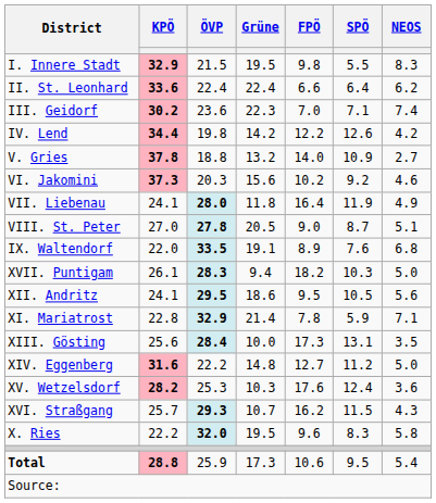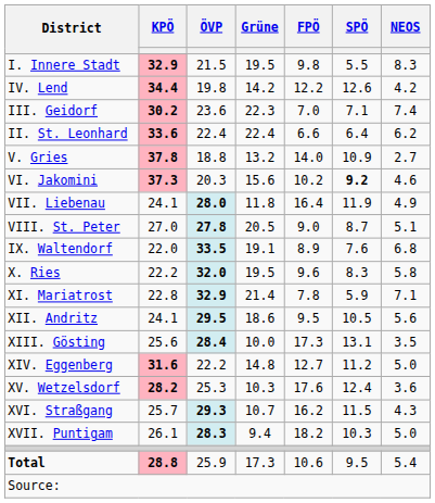 <table class="wikitable sortable" style="text-align:center;font-size:90%;line-height:16px">
 <tr style="height:40px;">
 <th style="width:120px;" rowspan="2">District</th>
 <th style="width:40px;"><a href='#'>KPÖ</a></th>
 <th style="width:40px;"><a href='#'>ÖVP</a></th>
 <th style="width:40px;"><a href='#'>Grüne</a></th>
 <th style="width:40px;"><a href='#'>FPÖ</a></th>
 <th style="width:40px;"><a href='#'>SPÖ</a></th>
 <th style="width:40px;"><a href='#'>NEOS</a></th>
 </tr>
 <tr>
 <th style="background:"></th>
 <th style="background:"></th>
 <th style="background:"></th>
 <th style="background:"></th>
 <th style="background:"></th>
 <th style="background:"></th>
 </tr>
 <tr>
 <td data-sort-value="1" align=left>I. <a href='#'>Innere Stadt</a></td>
 <td bgcolor=#FFB3C0><strong>32.9</strong></td>
 <td>21.5</td>
 <td>19.5</td>
 <td>9.8</td>
 <td>5.5</td>
 <td>8.3</td>
 </tr>
 <tr>
-<td data-sort-value="2" align=left>II. <a href='#'>St. Leonhard</a></td>
-<td bgcolor=#FFB3C0><strong>33.6</strong></td>
-<td>22.4</td>
-<td>22.4</td>
-<td>6.6</td>
-<td>6.4</td>
-<td>6.2</td>
+<td data-sort-value="4" align=left>IV. <a href='#'>Lend</a></td>
+<td bgcolor=#FFB3C0><strong>34.4</strong></td>
+<td>19.8</td>
+<td>14.2</td>
+<td>12.2</td>
+<td>12.6</td>
+<td>4.2</td>
 </tr>
 <tr>
 <td data-sort-value="3" align=left>III. <a href='#'>Geidorf</a></td>
 <td bgcolor=#FFB3C0><strong>30.2</strong></td>
 <td>23.6</td>
 <td>22.3</td>
 <td>7.0</td>
 <td>7.1</td>
 <td>7.4</td>
 </tr>
 <tr>
-<td data-sort-value="4" align=left>IV. <a href='#'>Lend</a></td>
-<td bgcolor=#FFB3C0><strong>34.4</strong></td>
-<td>19.8</td>
-<td>14.2</td>
-<td>12.2</td>
-<td>12.6</td>
-<td>4.2</td>
+<td data-sort-value="2" align=left>II. <a href='#'>St. Leonhard</a></td>
+<td bgcolor=#FFB3C0><strong>33.6</strong></td>
+<td>22.4</td>
+<td>22.4</td>
+<td>6.6</td>
+<td>6.4</td>
+<td>6.2</td>
 </tr>
 <tr>
 <td data-sort-value="5" align=left>V. <a href='#'>Gries</a></td>
 <td bgcolor=#FFB3C0><strong>37.8</strong></td>
 <td>18.8</td>
 <td>13.2</td>
 <td>14.0</td>
 <td>10.9</td>
 <td>2.7</td>
 </tr>
 <tr>
 <td data-sort-value="6" align=left>VI. <a href='#'>Jakomini</a></td>
 <td bgcolor=#FFB3C0><strong>37.3</strong></td>
 <td>20.3</td>
 <td>15.6</td>
 <td>10.2</td>
-<td>9.2</td>
+<td><strong>9.2</strong></td>
 <td>4.6</td>
 </tr>
 <tr>
 <td data-sort-value="7" align=left>VII. <a href='#'>Liebenau</a></td>
 <td>24.1</td>
 <td bgcolor=#D2EDF1><strong>28.0</strong></td>
 <td>11.8</td>
 <td>16.4</td>
 <td>11.9</td>
 <td>4.9</td>
 </tr>
 <tr>
 <td data-sort-value="8" align=left>VIII. <a href='#'>St. Peter</a></td>
 <td>27.0</td>
 <td bgcolor=#D2EDF1><strong>27.8</strong></td>
 <td>20.5</td>
 <td>9.0</td>
 <td>8.7</td>
 <td>5.1</td>
 </tr>
 <tr>
 <td data-sort-value="9" align=left>IX. <a href='#'>Waltendorf</a></td>
 <td>22.0</td>
 <td bgcolor=#D2EDF1><strong>33.5</strong></td>
 <td>19.1</td>
 <td>8.9</td>
 <td>7.6</td>
 <td>6.8</td>
 </tr>
 <tr>
-<td data-sort-value="17" align=left>XVII. <a href='#'>Puntigam</a></td>
-<td>26.1</td>
-<td bgcolor=#D2EDF1><strong>28.3</strong></td>
-<td>9.4</td>
-<td>18.2</td>
-<td>10.3</td>
-<td>5.0</td>
+<td data-sort-value="10" align=left>X. <a href='#'>Ries</a></td>
+<td>22.2</td>
+<td bgcolor=#D2EDF1><strong>32.0</strong></td>
+<td>19.5</td>
+<td>9.6</td>
+<td>8.3</td>
+<td>5.8</td>
+</tr>
+<tr>
+<td data-sort-value="11" align=left>XI. <a href='#'>Mariatrost</a></td>
+<td>22.8</td>
+<td bgcolor=#D2EDF1><strong>32.9</strong></td>
+<td>21.4</td>
+<td>7.8</td>
+<td>5.9</td>
+<td>7.1</td>
 </tr>
 <tr>
 <td data-sort-value="12" align=left>XII. <a href='#'>Andritz</a></td>
 <td>24.1</td>
 <td bgcolor=#D2EDF1><strong>29.5</strong></td>
 <td>18.6</td>
 <td>9.5</td>
 <td>10.5</td>
 <td>5.6</td>
-</tr>
-<tr>
-<td data-sort-value="11" align=left>XI. <a href='#'>Mariatrost</a></td>
-<td>22.8</td>
-<td bgcolor=#D2EDF1><strong>32.9</strong></td>
-<td>21.4</td>
-<td>7.8</td>
-<td>5.9</td>
-<td>7.1</td>
 </tr>
 <tr>
 <td data-sort-value="13" align=left>XIII. <a href='#'>Gösting</a></td>
 <td>25.6</td>
 <td bgcolor=#D2EDF1><strong>28.4</strong></td>
 <td>10.0</td>
 <td>17.3</td>
 <td>13.1</td>
 <td>3.5</td>
 </tr>
 <tr>
 <td data-sort-value="14" align=left>XIV. <a href='#'>Eggenberg</a></td>
 <td bgcolor=#FFB3C0><strong>31.6</strong></td>
 <td>22.2</td>
 <td>14.8</td>
 <td>12.7</td>
 <td>11.2</td>
 <td>5.0</td>
 </tr>
 <tr>
 <td data-sort-value="15" align=left>XV. <a href='#'>Wetzelsdorf</a></td>
 <td bgcolor=#FFB3C0><strong>28.2</strong></td>
 <td>25.3</td>
 <td>10.3</td>
 <td>17.6</td>
 <td>12.4</td>
 <td>3.6</td>
 </tr>
 <tr>
 <td data-sort-value="16" align=left>XVI. <a href='#'>Straßgang</a></td>
 <td>25.7</td>
 <td bgcolor=#D2EDF1><strong>29.3</strong></td>
 <td>10.7</td>
 <td>16.2</td>
 <td>11.5</td>
 <td>4.3</td>
 </tr>
 <tr>
-<td data-sort-value="10" align=left>X. <a href='#'>Ries</a></td>
-<td>22.2</td>
-<td bgcolor=#D2EDF1><strong>32.0</strong></td>
-<td>19.5</td>
-<td>9.6</td>
-<td>8.3</td>
-<td>5.8</td>
+<td data-sort-value="17" align=left>XVII. <a href='#'>Puntigam</a></td>
+<td>26.1</td>
+<td bgcolor=#D2EDF1><strong>28.3</strong></td>
+<td>9.4</td>
+<td>18.2</td>
+<td>10.3</td>
+<td>5.0</td>
 </tr>
 <tr>
 <td colspan=7 bgcolor=lightgrey></td>
 </tr>
 <tr>
 <td align=left><strong>Total</strong></td>
 <td bgcolor=#FFB3C0><strong>28.8</strong></td>
 <td>25.9</td>
 <td>17.3</td>
 <td>10.6</td>
 <td>9.5</td>
 <td>5.4</td>
 </tr>
 <tr class=sortbottom>
 <td colspan=7 align=left>Source: </td>
 </tr>
 </table>
